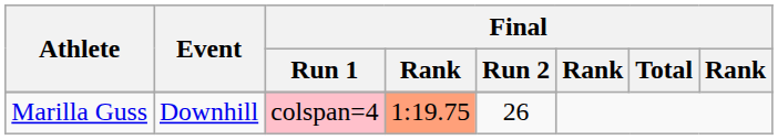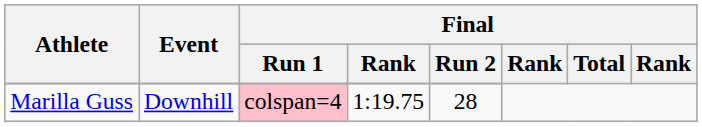 <table class="wikitable" style="font-size:90%">
 <tr>
 <th rowspan="2">Athlete</th>
 <th rowspan="2">Event</th>
 <th colspan="6">Final</th>
 </tr>
 <tr>
 <th>Run 1</th>
 <th>Rank</th>
 <th>Run 2</th>
 <th>Rank</th>
 <th>Total</th>
 <th>Rank</th>
 </tr>
 <tr>
 </tr>
 <tr align="center">
 <td align="left"><a href='#'>Marilla Guss</a></td>
 <td align="left"><a href='#'>Downhill</a></td>
 <td style="background: pink;">colspan=4 </td>
-<td style="background: lightsalmon;">1:19.75</td>
-<td>26</td>
+<td>1:19.75</td>
+<td>28</td>
 </tr>
 </table>
